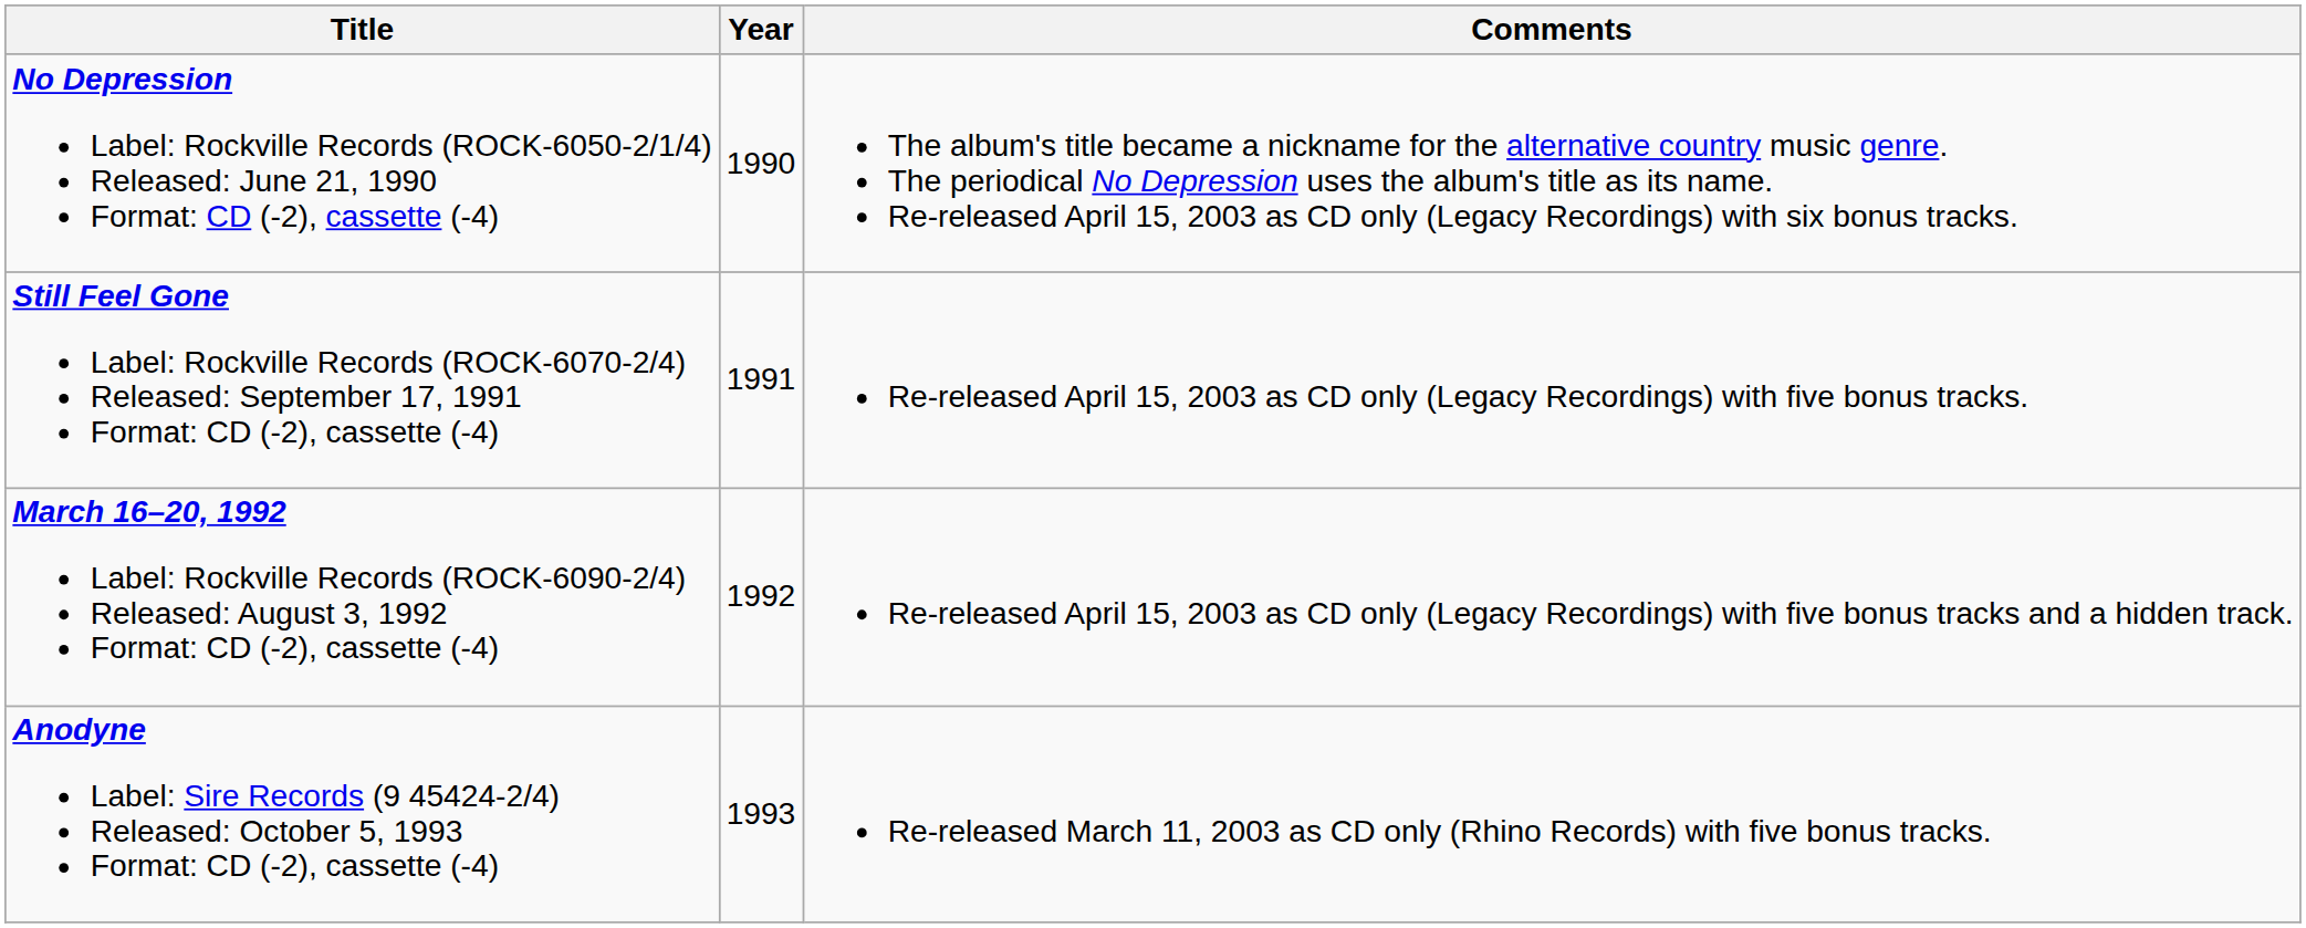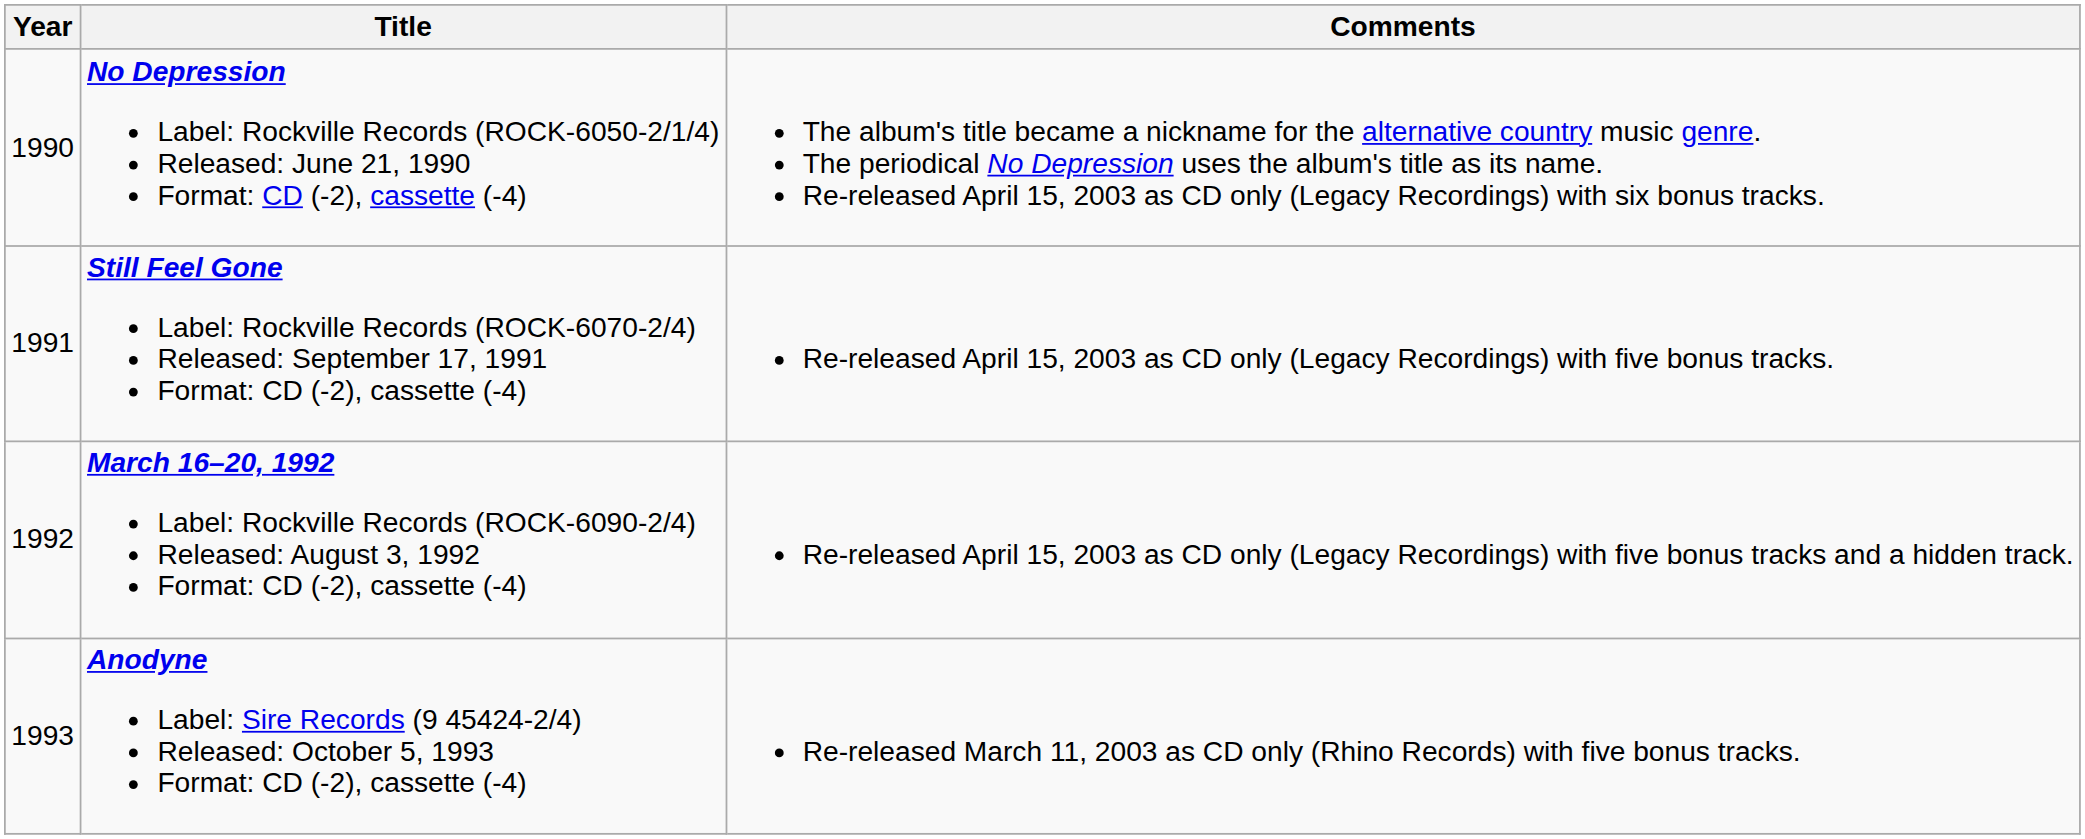 <table class="wikitable" style="text-align:left;">
 <tr>
+<th>Year</th>
 <th>Title</th>
-<th>Year</th>
 <th>Comments</th>
 </tr>
 <tr>
+<td rowspan="1">1990</td>
 <td><strong><em><a href='#'>No Depression</a></em></strong><br><ul><li>Label: Rockville Records (ROCK-6050-2/1/4)</li><li>Released: June 21, 1990</li><li>Format: <a href='#'>CD</a> (-2), <a href='#'>cassette</a> (-4)</li></ul></td>
-<td rowspan="1">1990</td>
 <td><br><ul><li>The album's title became a nickname for the <a href='#'>alternative country</a> music <a href='#'>genre</a>.</li><li>The periodical <em><a href='#'>No Depression</a></em> uses the album's title as its name.</li><li>Re-released April 15, 2003 as CD only (Legacy Recordings) with six bonus tracks.</li></ul></td>
 </tr>
 <tr>
+<td rowspan="1">1991</td>
 <td><strong><em><a href='#'>Still Feel Gone</a></em></strong><br><ul><li>Label: Rockville Records (ROCK-6070-2/4)</li><li>Released: September 17, 1991</li><li>Format: CD (-2), cassette (-4)</li></ul></td>
-<td rowspan="1">1991</td>
 <td><br><ul><li>Re-released April 15, 2003 as CD only (Legacy Recordings) with five bonus tracks.</li></ul></td>
 </tr>
 <tr>
+<td rowspan="1">1992</td>
 <td><strong><em><a href='#'>March 16–20, 1992</a></em></strong><br><ul><li>Label: Rockville Records (ROCK-6090-2/4)</li><li>Released: August 3, 1992</li><li>Format: CD (-2), cassette (-4)</li></ul></td>
-<td rowspan="1">1992</td>
 <td><br><ul><li>Re-released April 15, 2003 as CD only (Legacy Recordings) with five bonus tracks and a hidden track.</li></ul></td>
 </tr>
 <tr>
+<td rowspan="1">1993</td>
 <td><strong><em><a href='#'>Anodyne</a></em></strong><br><ul><li>Label: <a href='#'>Sire Records</a> (9 45424-2/4)</li><li>Released: October 5, 1993</li><li>Format: CD (-2), cassette (-4)</li></ul></td>
-<td rowspan="1">1993</td>
 <td><br><ul><li>Re-released March 11, 2003 as CD only (Rhino Records) with five bonus tracks.</li></ul></td>
 </tr>
 </table>
